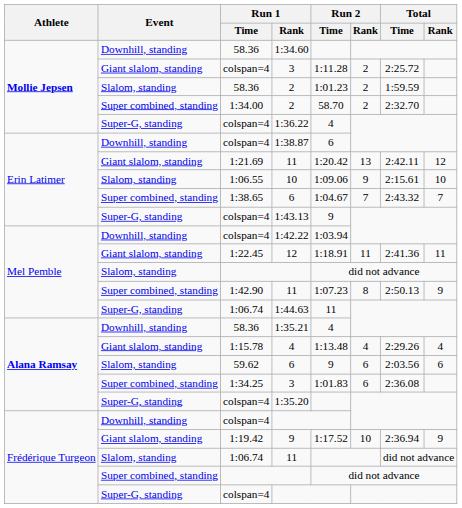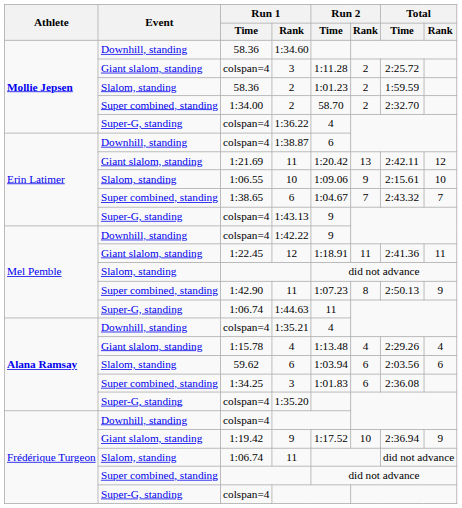 <table class="wikitable" style="font-size:90%">
 <tr>
 <th rowspan=2>Athlete</th>
 <th rowspan=2>Event</th>
 <th colspan=2>Run 1</th>
 <th colspan=2>Run 2</th>
 <th colspan=2>Total</th>
 </tr>
 <tr style="font-size:95%">
 <th>Time</th>
 <th>Rank</th>
 <th>Time</th>
 <th>Rank</th>
 <th>Time</th>
 <th>Rank</th>
 </tr>
 <tr align=center>
 <td align=left rowspan=5><strong><a href='#'>Mollie Jepsen</a></strong></td>
 <td align=left><a href='#'>Downhill, standing</a></td>
 <td>58.36</td>
 <td>1:34.60</td>
 <td></td>
 </tr>
 <tr align=center>
 <td align=left><a href='#'>Giant slalom, standing</a></td>
 <td>colspan=4 </td>
 <td>3</td>
 <td>1:11.28</td>
 <td>2</td>
 <td>2:25.72</td>
 <td></td>
 </tr>
 <tr align=center>
 <td align=left><a href='#'>Slalom, standing</a></td>
 <td>58.36</td>
 <td>2</td>
 <td>1:01.23</td>
 <td>2</td>
 <td>1:59.59</td>
 <td></td>
 </tr>
 <tr align=center>
 <td align=left><a href='#'>Super combined, standing</a></td>
 <td>1:34.00</td>
 <td>2</td>
 <td>58.70</td>
 <td>2</td>
 <td>2:32.70</td>
 <td></td>
 </tr>
 <tr align=center>
 <td align=left><a href='#'>Super-G, standing</a></td>
 <td>colspan=4 </td>
 <td>1:36.22</td>
 <td>4</td>
 </tr>
 <tr align=center>
 <td align=left rowspan=5><a href='#'>Erin Latimer</a></td>
 <td align=left><a href='#'>Downhill, standing</a></td>
 <td>colspan=4 </td>
 <td>1:38.87</td>
 <td>6</td>
 </tr>
 <tr align=center>
 <td align=left><a href='#'>Giant slalom, standing</a></td>
 <td>1:21.69</td>
 <td>11</td>
 <td>1:20.42</td>
 <td>13</td>
 <td>2:42.11</td>
 <td>12</td>
 </tr>
 <tr align=center>
 <td align=left><a href='#'>Slalom, standing</a></td>
 <td>1:06.55</td>
 <td>10</td>
 <td>1:09.06</td>
 <td>9</td>
 <td>2:15.61</td>
 <td>10</td>
 </tr>
 <tr align=center>
 <td align=left><a href='#'>Super combined, standing</a></td>
 <td>1:38.65</td>
 <td>6</td>
 <td>1:04.67</td>
 <td>7</td>
 <td>2:43.32</td>
 <td>7</td>
 </tr>
 <tr align=center>
 <td align=left><a href='#'>Super-G, standing</a></td>
 <td>colspan=4 </td>
 <td>1:43.13</td>
 <td>9</td>
 </tr>
 <tr align=center>
 <td align=left rowspan=5><a href='#'>Mel Pemble</a></td>
 <td align=left><a href='#'>Downhill, standing</a></td>
 <td>colspan=4 </td>
 <td>1:42.22</td>
-<td>1:03.94</td>
+<td>9</td>
 </tr>
 <tr align=center>
 <td align=left><a href='#'>Giant slalom, standing</a></td>
 <td>1:22.45</td>
 <td>12</td>
 <td>1:18.91</td>
 <td>11</td>
 <td>2:41.36</td>
 <td>11</td>
 </tr>
 <tr align=center>
 <td align=left><a href='#'>Slalom, standing</a></td>
 <td colspan=2></td>
 <td colspan=4>did not advance</td>
 </tr>
 <tr align=center>
 <td align=left><a href='#'>Super combined, standing</a></td>
 <td>1:42.90</td>
 <td>11</td>
 <td>1:07.23</td>
 <td>8</td>
 <td>2:50.13</td>
 <td>9</td>
 </tr>
 <tr align=center>
 <td align=left><a href='#'>Super-G, standing</a></td>
 <td>1:06.74</td>
 <td>1:44.63</td>
 <td>11</td>
 </tr>
 <tr align=center>
 <td align=left rowspan=5><strong><a href='#'>Alana Ramsay</a></strong></td>
 <td align=left><a href='#'>Downhill, standing</a></td>
-<td>58.36</td>
+<td>colspan=4 </td>
 <td>1:35.21</td>
 <td>4</td>
 </tr>
 <tr align=center>
 <td align=left><a href='#'>Giant slalom, standing</a></td>
 <td>1:15.78</td>
 <td>4</td>
 <td>1:13.48</td>
 <td>4</td>
 <td>2:29.26</td>
 <td>4</td>
 </tr>
 <tr align=center>
 <td align=left><a href='#'>Slalom, standing</a></td>
 <td>59.62</td>
 <td>6</td>
-<td>9</td>
+<td>1:03.94</td>
 <td>6</td>
 <td>2:03.56</td>
 <td>6</td>
 </tr>
 <tr align=center>
 <td align=left><a href='#'>Super combined, standing</a></td>
 <td>1:34.25</td>
 <td>3</td>
 <td>1:01.83</td>
 <td>6</td>
 <td>2:36.08</td>
 <td></td>
 </tr>
 <tr align=center>
 <td align=left><a href='#'>Super-G, standing</a></td>
 <td>colspan=4 </td>
 <td>1:35.20</td>
 <td></td>
 </tr>
 <tr align=center>
 <td align=left rowspan=5><a href='#'>Frédérique Turgeon</a></td>
 <td align=left><a href='#'>Downhill, standing</a></td>
 <td>colspan=4 </td>
 <td colspan=2></td>
 </tr>
 <tr align=center>
 <td align=left><a href='#'>Giant slalom, standing</a></td>
 <td>1:19.42</td>
 <td>9</td>
 <td>1:17.52</td>
 <td>10</td>
 <td>2:36.94</td>
 <td>9</td>
 </tr>
 <tr align=center>
 <td align=left><a href='#'>Slalom, standing</a></td>
 <td>1:06.74</td>
 <td>11</td>
 <td colspan=2></td>
 <td colspan=2>did not advance</td>
 </tr>
 <tr align=center>
 <td align=left><a href='#'>Super combined, standing</a></td>
 <td colspan=2></td>
 <td colspan=4>did not advance</td>
 </tr>
 <tr align=center>
 <td align=left><a href='#'>Super-G, standing</a></td>
 <td>colspan=4 </td>
 <td colspan=2></td>
 </tr>
 </table>
